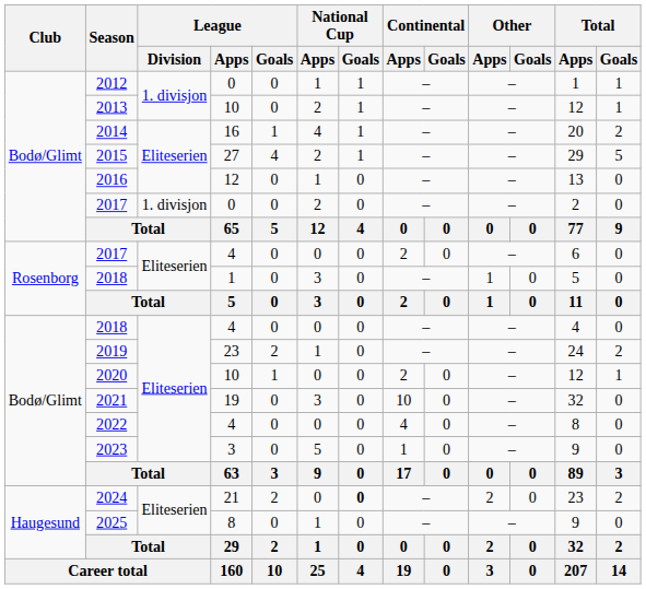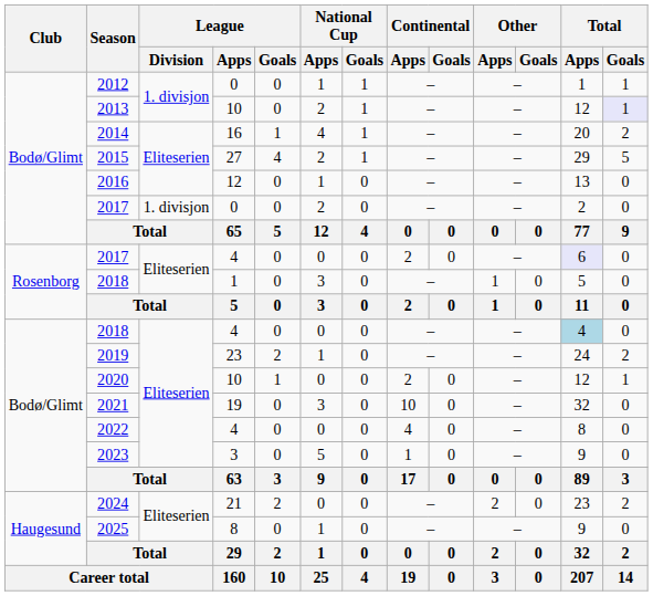 <table class="wikitable" style="text-align:center">
 <tr>
 <th rowspan="2">Club</th>
 <th rowspan="2">Season</th>
 <th colspan="3">League</th>
 <th colspan="2">National Cup</th>
 <th colspan="2">Continental</th>
 <th colspan="2">Other</th>
 <th colspan="2">Total</th>
 </tr>
 <tr>
 <th>Division</th>
 <th>Apps</th>
 <th>Goals</th>
 <th>Apps</th>
 <th>Goals</th>
 <th>Apps</th>
 <th>Goals</th>
 <th>Apps</th>
 <th>Goals</th>
 <th>Apps</th>
 <th>Goals</th>
 </tr>
 <tr>
 <td rowspan="7"><a href='#'>Bodø/Glimt</a></td>
 <td><a href='#'>2012</a></td>
 <td rowspan="2"><a href='#'>1. divisjon</a></td>
 <td>0</td>
 <td>0</td>
 <td>1</td>
 <td>1</td>
 <td colspan="2">–</td>
 <td colspan="2">–</td>
 <td>1</td>
 <td>1</td>
 </tr>
 <tr>
 <td><a href='#'>2013</a></td>
 <td>10</td>
 <td>0</td>
 <td>2</td>
 <td>1</td>
 <td colspan="2">–</td>
 <td colspan="2">–</td>
 <td>12</td>
-<td>1</td>
+<td style="background: lavender;">1</td>
 </tr>
 <tr>
 <td><a href='#'>2014</a></td>
 <td rowspan="3"><a href='#'>Eliteserien</a></td>
 <td>16</td>
 <td>1</td>
 <td>4</td>
 <td>1</td>
 <td colspan="2">–</td>
 <td colspan="2">–</td>
 <td>20</td>
 <td>2</td>
 </tr>
 <tr>
 <td><a href='#'>2015</a></td>
 <td>27</td>
 <td>4</td>
 <td>2</td>
 <td>1</td>
 <td colspan="2">–</td>
 <td colspan="2">–</td>
 <td>29</td>
 <td>5</td>
 </tr>
 <tr>
 <td><a href='#'>2016</a></td>
 <td>12</td>
 <td>0</td>
 <td>1</td>
 <td>0</td>
 <td colspan="2">–</td>
 <td colspan="2">–</td>
 <td>13</td>
 <td>0</td>
 </tr>
 <tr>
 <td><a href='#'>2017</a></td>
 <td>1. divisjon</td>
 <td>0</td>
 <td>0</td>
 <td>2</td>
 <td>0</td>
 <td colspan="2">–</td>
 <td colspan="2">–</td>
 <td>2</td>
 <td>0</td>
 </tr>
 <tr>
 <th colspan="2">Total</th>
 <th>65</th>
 <th>5</th>
 <th>12</th>
 <th>4</th>
 <th>0</th>
 <th>0</th>
 <th>0</th>
 <th>0</th>
 <th>77</th>
 <th>9</th>
 </tr>
 <tr>
 <td rowspan="3"><a href='#'>Rosenborg</a></td>
 <td><a href='#'>2017</a></td>
 <td rowspan="2">Eliteserien</td>
 <td>4</td>
 <td>0</td>
 <td>0</td>
 <td>0</td>
 <td>2</td>
 <td>0</td>
 <td colspan="2">–</td>
-<td>6</td>
+<td style="background: lavender;">6</td>
 <td>0</td>
 </tr>
 <tr>
 <td><a href='#'>2018</a></td>
 <td>1</td>
 <td>0</td>
 <td>3</td>
 <td>0</td>
 <td colspan="2">–</td>
 <td>1</td>
 <td>0</td>
 <td>5</td>
 <td>0</td>
 </tr>
 <tr>
 <th colspan="2">Total</th>
 <th>5</th>
 <th>0</th>
 <th>3</th>
 <th>0</th>
 <th>2</th>
 <th>0</th>
 <th>1</th>
 <th>0</th>
 <th>11</th>
 <th>0</th>
 </tr>
 <tr>
 <td rowspan="7">Bodø/Glimt</td>
 <td><a href='#'>2018</a></td>
 <td rowspan="6"><a href='#'>Eliteserien</a></td>
 <td>4</td>
 <td>0</td>
 <td>0</td>
 <td>0</td>
 <td colspan="2">–</td>
 <td colspan="2">–</td>
-<td>4</td>
+<td style="background: lightblue;">4</td>
 <td>0</td>
 </tr>
 <tr>
 <td><a href='#'>2019</a></td>
 <td>23</td>
 <td>2</td>
 <td>1</td>
 <td>0</td>
 <td colspan="2">–</td>
 <td colspan="2">–</td>
 <td>24</td>
 <td>2</td>
 </tr>
 <tr>
 <td><a href='#'>2020</a></td>
 <td>10</td>
 <td>1</td>
 <td>0</td>
 <td>0</td>
 <td>2</td>
 <td>0</td>
 <td colspan="2">–</td>
 <td>12</td>
 <td>1</td>
 </tr>
 <tr>
 <td><a href='#'>2021</a></td>
 <td>19</td>
 <td>0</td>
 <td>3</td>
 <td>0</td>
 <td>10</td>
 <td>0</td>
 <td colspan="2">–</td>
 <td>32</td>
 <td>0</td>
 </tr>
 <tr>
 <td><a href='#'>2022</a></td>
 <td>4</td>
 <td>0</td>
 <td>0</td>
 <td>0</td>
 <td>4</td>
 <td>0</td>
 <td colspan="2">–</td>
 <td>8</td>
 <td>0</td>
 </tr>
 <tr>
 <td><a href='#'>2023</a></td>
 <td>3</td>
 <td>0</td>
 <td>5</td>
 <td>0</td>
 <td>1</td>
 <td>0</td>
 <td colspan="2">–</td>
 <td>9</td>
 <td>0</td>
 </tr>
 <tr>
 <th colspan="2">Total</th>
 <th>63</th>
 <th>3</th>
 <th>9</th>
 <th>0</th>
 <th>17</th>
 <th>0</th>
 <th>0</th>
 <th>0</th>
 <th>89</th>
 <th>3</th>
 </tr>
 <tr>
 <td rowspan="3"><a href='#'>Haugesund</a></td>
 <td><a href='#'>2024</a></td>
 <td rowspan="2">Eliteserien</td>
 <td>21</td>
 <td>2</td>
 <td>0</td>
-<td><strong>0</strong></td>
+<td>0</td>
 <td colspan="2">–</td>
 <td>2</td>
 <td>0</td>
 <td>23</td>
 <td>2</td>
 </tr>
 <tr>
 <td><a href='#'>2025</a></td>
 <td>8</td>
 <td>0</td>
 <td>1</td>
 <td>0</td>
 <td colspan="2">–</td>
 <td colspan="2">–</td>
 <td>9</td>
 <td>0</td>
 </tr>
 <tr>
 <th colspan="2">Total</th>
 <th>29</th>
 <th>2</th>
 <th>1</th>
 <th>0</th>
 <th>0</th>
 <th>0</th>
 <th>2</th>
 <th>0</th>
 <th>32</th>
 <th>2</th>
 </tr>
 <tr>
 <th colspan="3">Career total</th>
 <th>160</th>
 <th>10</th>
 <th>25</th>
 <th>4</th>
 <th>19</th>
 <th>0</th>
 <th>3</th>
 <th>0</th>
 <th>207</th>
 <th>14</th>
 </tr>
 </table>
